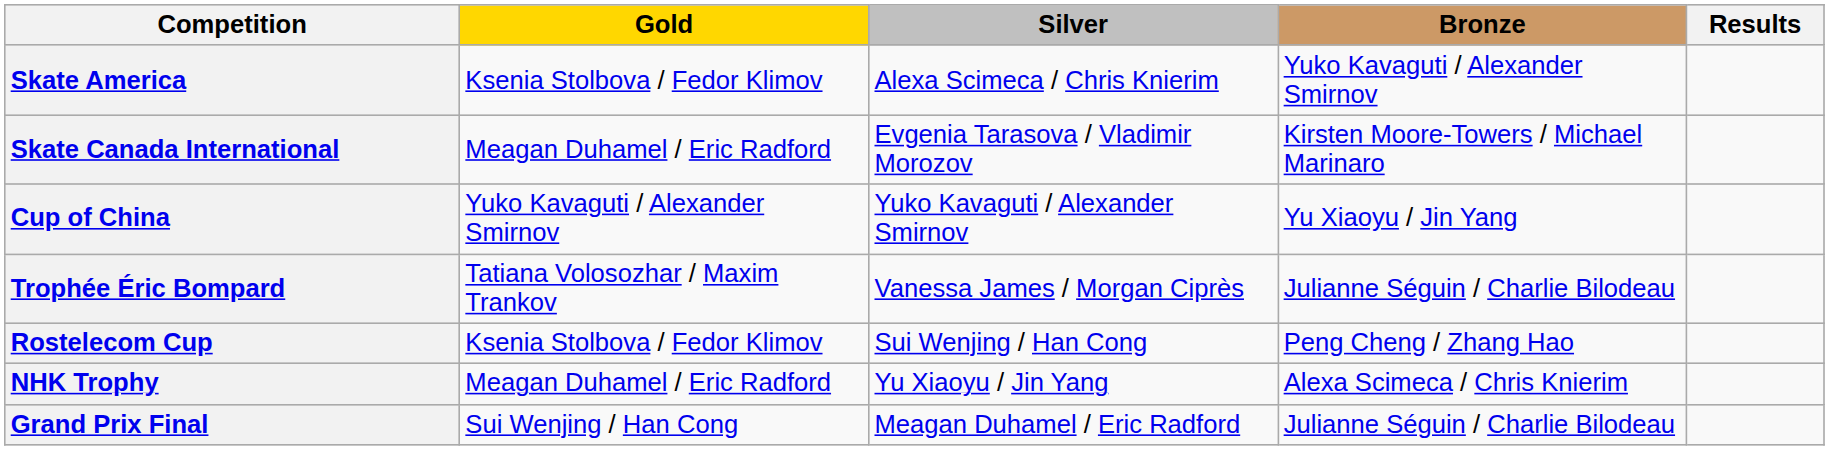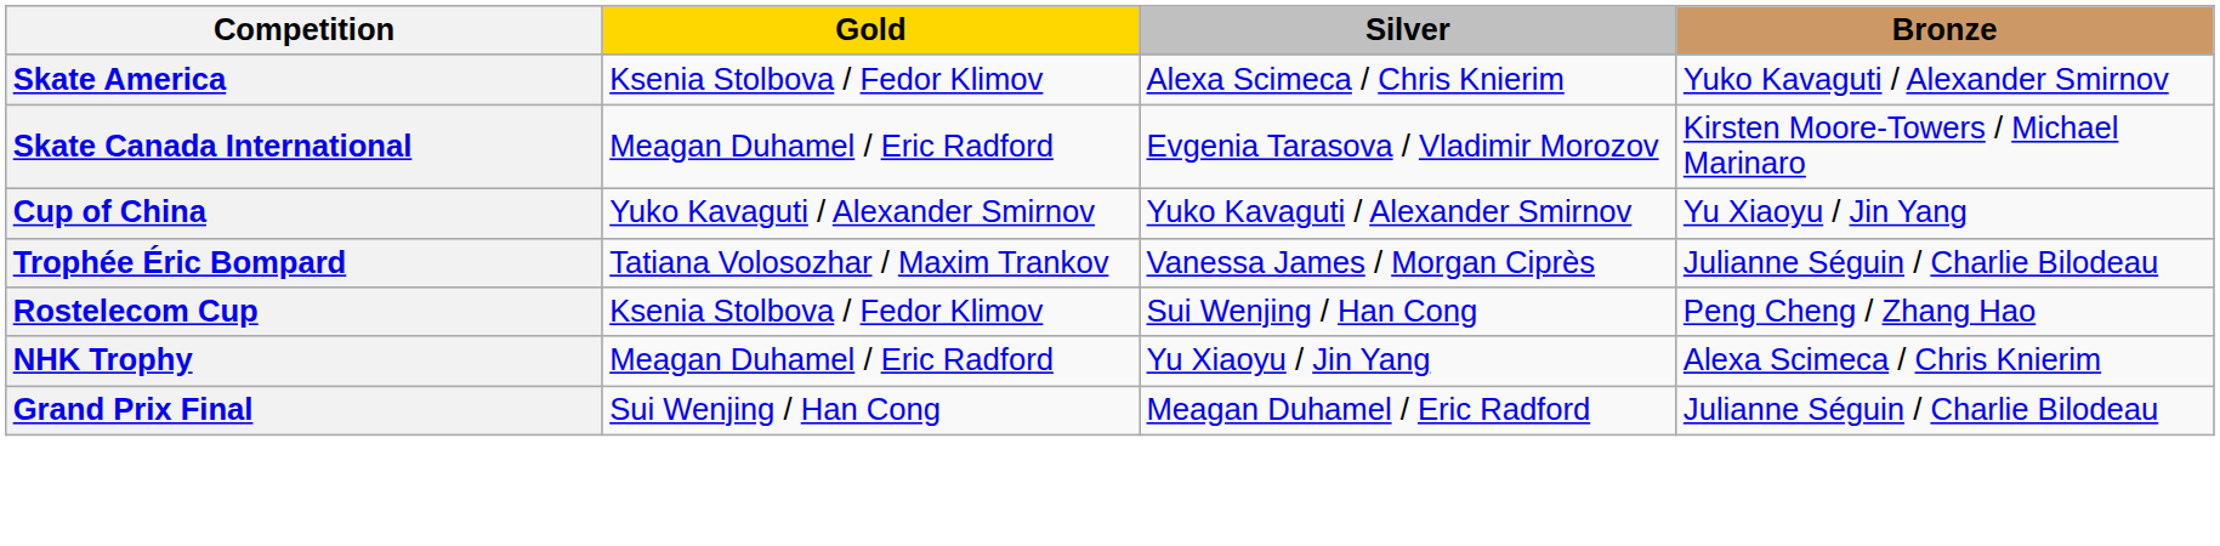 <table class="wikitable unsortable" style="text-align:left; width:90%">
 <tr>
 <th scope="col" style="text-align:center; width:25%;">Competition</th>
 <td scope="col" style="text-align:center; width:22.5%; background:gold"><strong>Gold</strong></td>
 <td scope="col" style="text-align:center; width:22.5%; background:silver"><strong>Silver</strong></td>
 <td scope="col" style="text-align:center; width:22.5%; background:#c96"><strong>Bronze</strong></td>
-<th scope="col" style="text-align:center; width:7.5%;">Results</th>
 </tr>
 <tr>
 <th scope="row" style="text-align:left"> <a href='#'>Skate America</a></th>
 <td> <a href='#'>Ksenia Stolbova</a> / <a href='#'>Fedor Klimov</a></td>
 <td> <a href='#'>Alexa Scimeca</a> / <a href='#'>Chris Knierim</a></td>
 <td> <a href='#'>Yuko Kavaguti</a> / <a href='#'>Alexander Smirnov</a></td>
-<td></td>
 </tr>
 <tr>
 <th scope="row" style="text-align:left"> <a href='#'>Skate Canada International</a></th>
 <td> <a href='#'>Meagan Duhamel</a> / <a href='#'>Eric Radford</a></td>
 <td> <a href='#'>Evgenia Tarasova</a> / <a href='#'>Vladimir Morozov</a></td>
 <td> <a href='#'>Kirsten Moore-Towers</a> / <a href='#'>Michael Marinaro</a></td>
-<td></td>
 </tr>
 <tr>
 <th scope="row" style="text-align:left"> <a href='#'>Cup of China</a></th>
 <td> <a href='#'>Yuko Kavaguti</a> / <a href='#'>Alexander Smirnov</a></td>
 <td> <a href='#'>Yuko Kavaguti</a> / <a href='#'>Alexander Smirnov</a></td>
 <td> <a href='#'>Yu Xiaoyu</a> / <a href='#'>Jin Yang</a></td>
-<td></td>
 </tr>
 <tr>
 <th scope="row" style="text-align:left"> <a href='#'>Trophée Éric Bompard</a></th>
 <td> <a href='#'>Tatiana Volosozhar</a> / <a href='#'>Maxim Trankov</a></td>
 <td> <a href='#'>Vanessa James</a> / <a href='#'>Morgan Ciprès</a></td>
 <td> <a href='#'>Julianne Séguin</a> / <a href='#'>Charlie Bilodeau</a></td>
-<td></td>
 </tr>
 <tr>
 <th scope="row" style="text-align:left"> <a href='#'>Rostelecom Cup</a></th>
 <td> <a href='#'>Ksenia Stolbova</a> / <a href='#'>Fedor Klimov</a></td>
 <td> <a href='#'>Sui Wenjing</a> / <a href='#'>Han Cong</a></td>
 <td> <a href='#'>Peng Cheng</a> / <a href='#'>Zhang Hao</a></td>
-<td></td>
 </tr>
 <tr>
 <th scope="row" style="text-align:left"> <a href='#'>NHK Trophy</a></th>
 <td> <a href='#'>Meagan Duhamel</a> / <a href='#'>Eric Radford</a></td>
 <td> <a href='#'>Yu Xiaoyu</a> / <a href='#'>Jin Yang</a></td>
 <td> <a href='#'>Alexa Scimeca</a> / <a href='#'>Chris Knierim</a></td>
-<td></td>
 </tr>
 <tr>
 <th scope="row" style="text-align:left"> <a href='#'>Grand Prix Final</a></th>
 <td> <a href='#'>Sui Wenjing</a> / <a href='#'>Han Cong</a></td>
 <td> <a href='#'>Meagan Duhamel</a> / <a href='#'>Eric Radford</a></td>
 <td> <a href='#'>Julianne Séguin</a> / <a href='#'>Charlie Bilodeau</a></td>
-<td></td>
 </tr>
 </table>
